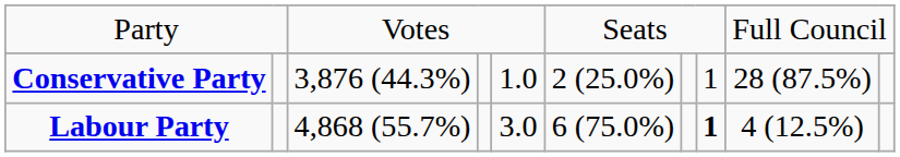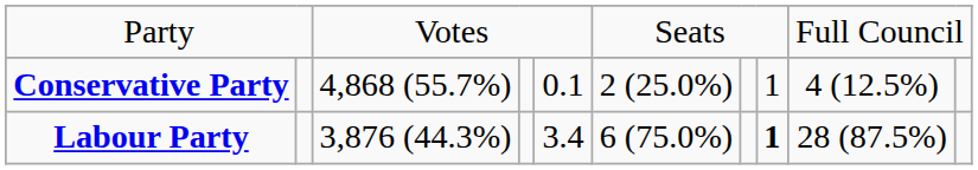 <table class=wikitable style="text-align:center;">
 <tr>
 <td colspan=2>Party</td>
 <td colspan=3>Votes</td>
 <td colspan=3>Seats</td>
 <td colspan=3>Full Council</td>
 </tr>
 <tr>
 <td><strong><a href='#'>Conservative Party</a></strong></td>
 <td style="background:"></td>
-<td>3,876 (44.3%)</td>
+<td>4,868 (55.7%)</td>
 <td></td>
-<td> 1.0</td>
+<td> 0.1</td>
 <td>2 (25.0%)</td>
 <td></td>
 <td> 1</td>
-<td>28 (87.5%)</td>
+<td>4 (12.5%)</td>
 <td></td>
 </tr>
 <tr>
 <td><strong><a href='#'>Labour Party</a></strong></td>
 <td style="background:"></td>
-<td>4,868 (55.7%)</td>
+<td>3,876 (44.3%)</td>
 <td></td>
-<td> 3.0</td>
+<td> 3.4</td>
 <td>6 (75.0%)</td>
 <td></td>
 <td><strong> 1</strong></td>
-<td>4 (12.5%)</td>
+<td>28 (87.5%)</td>
 <td></td>
 </tr>
 </table>
